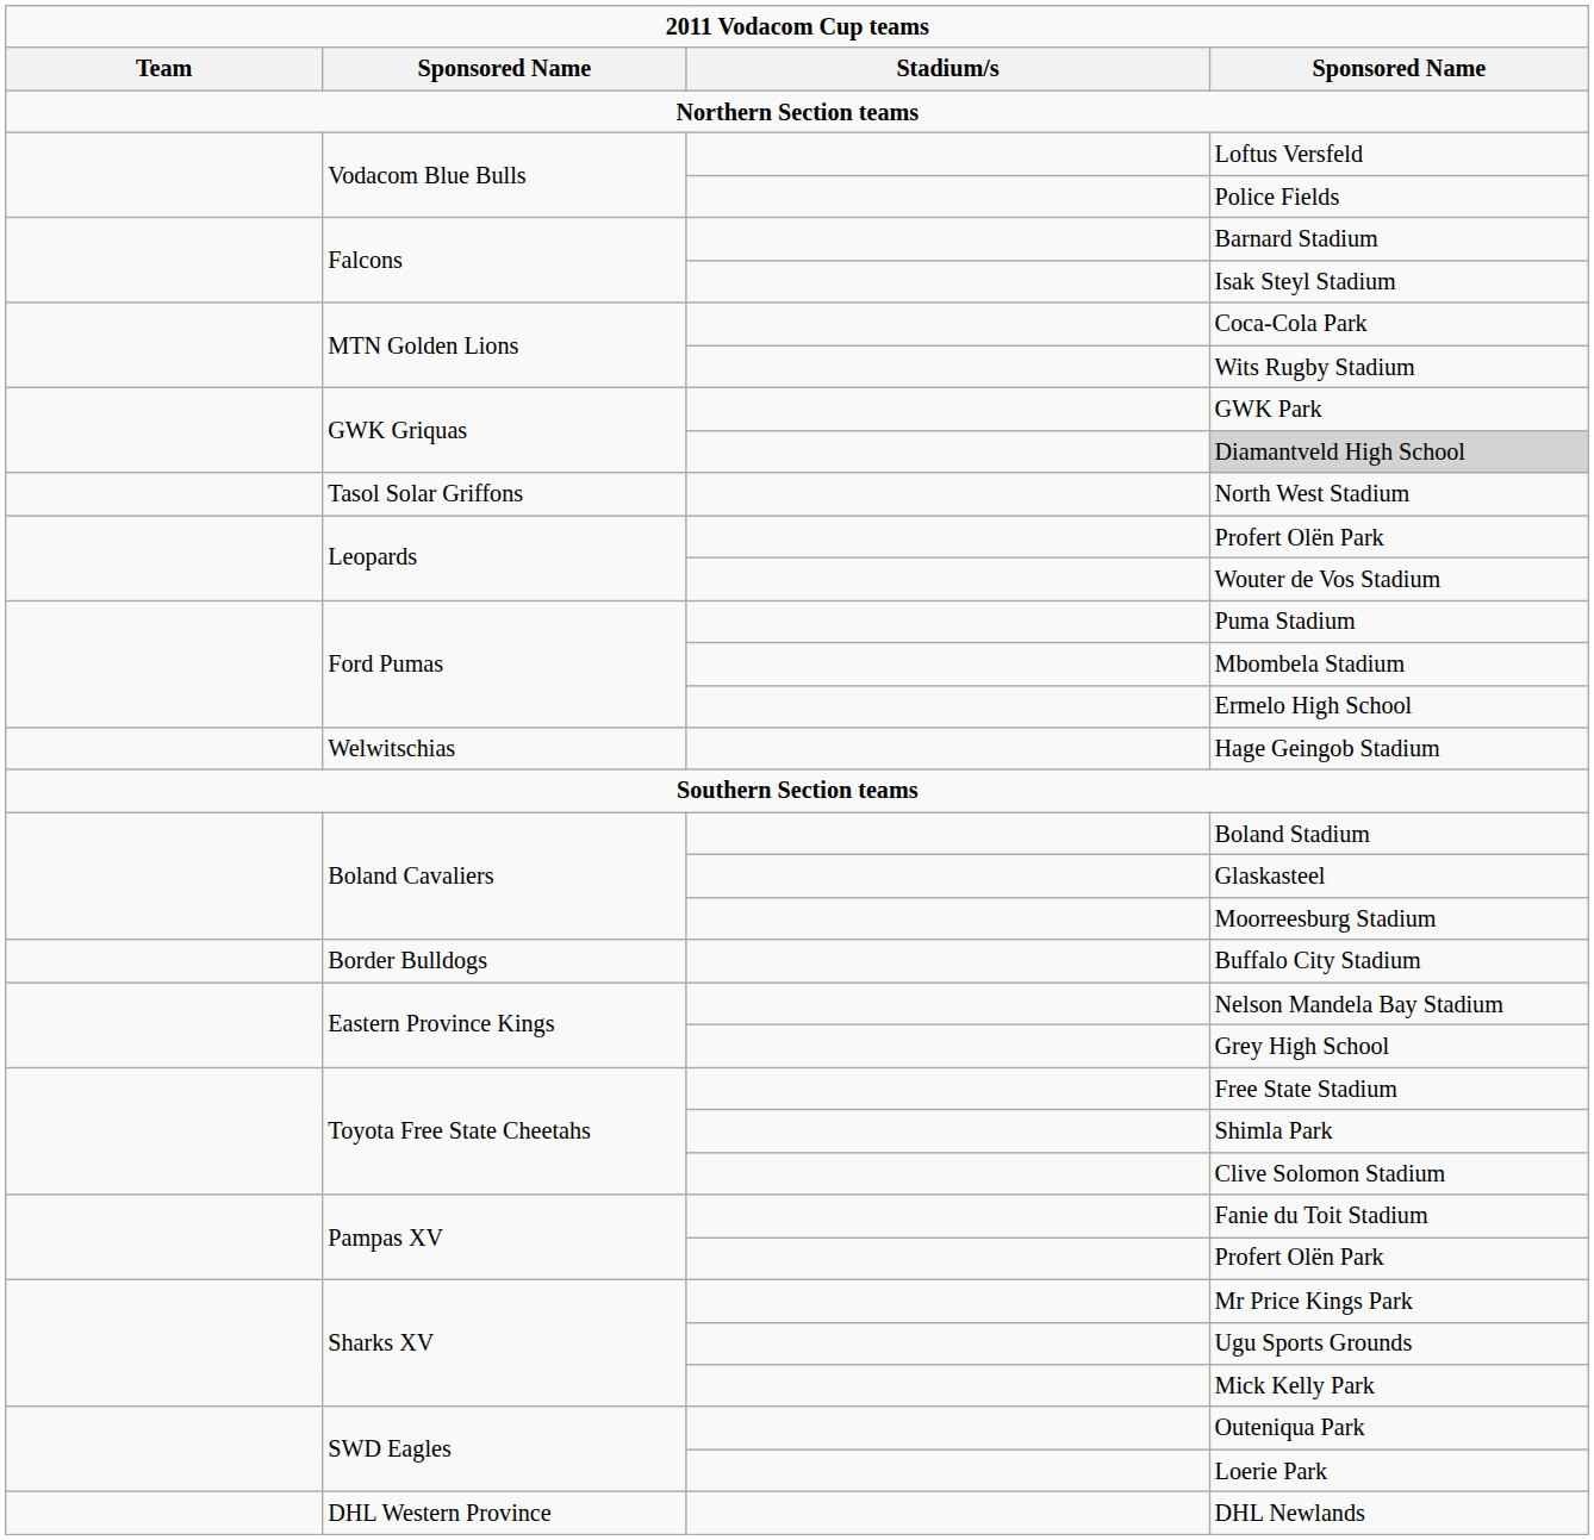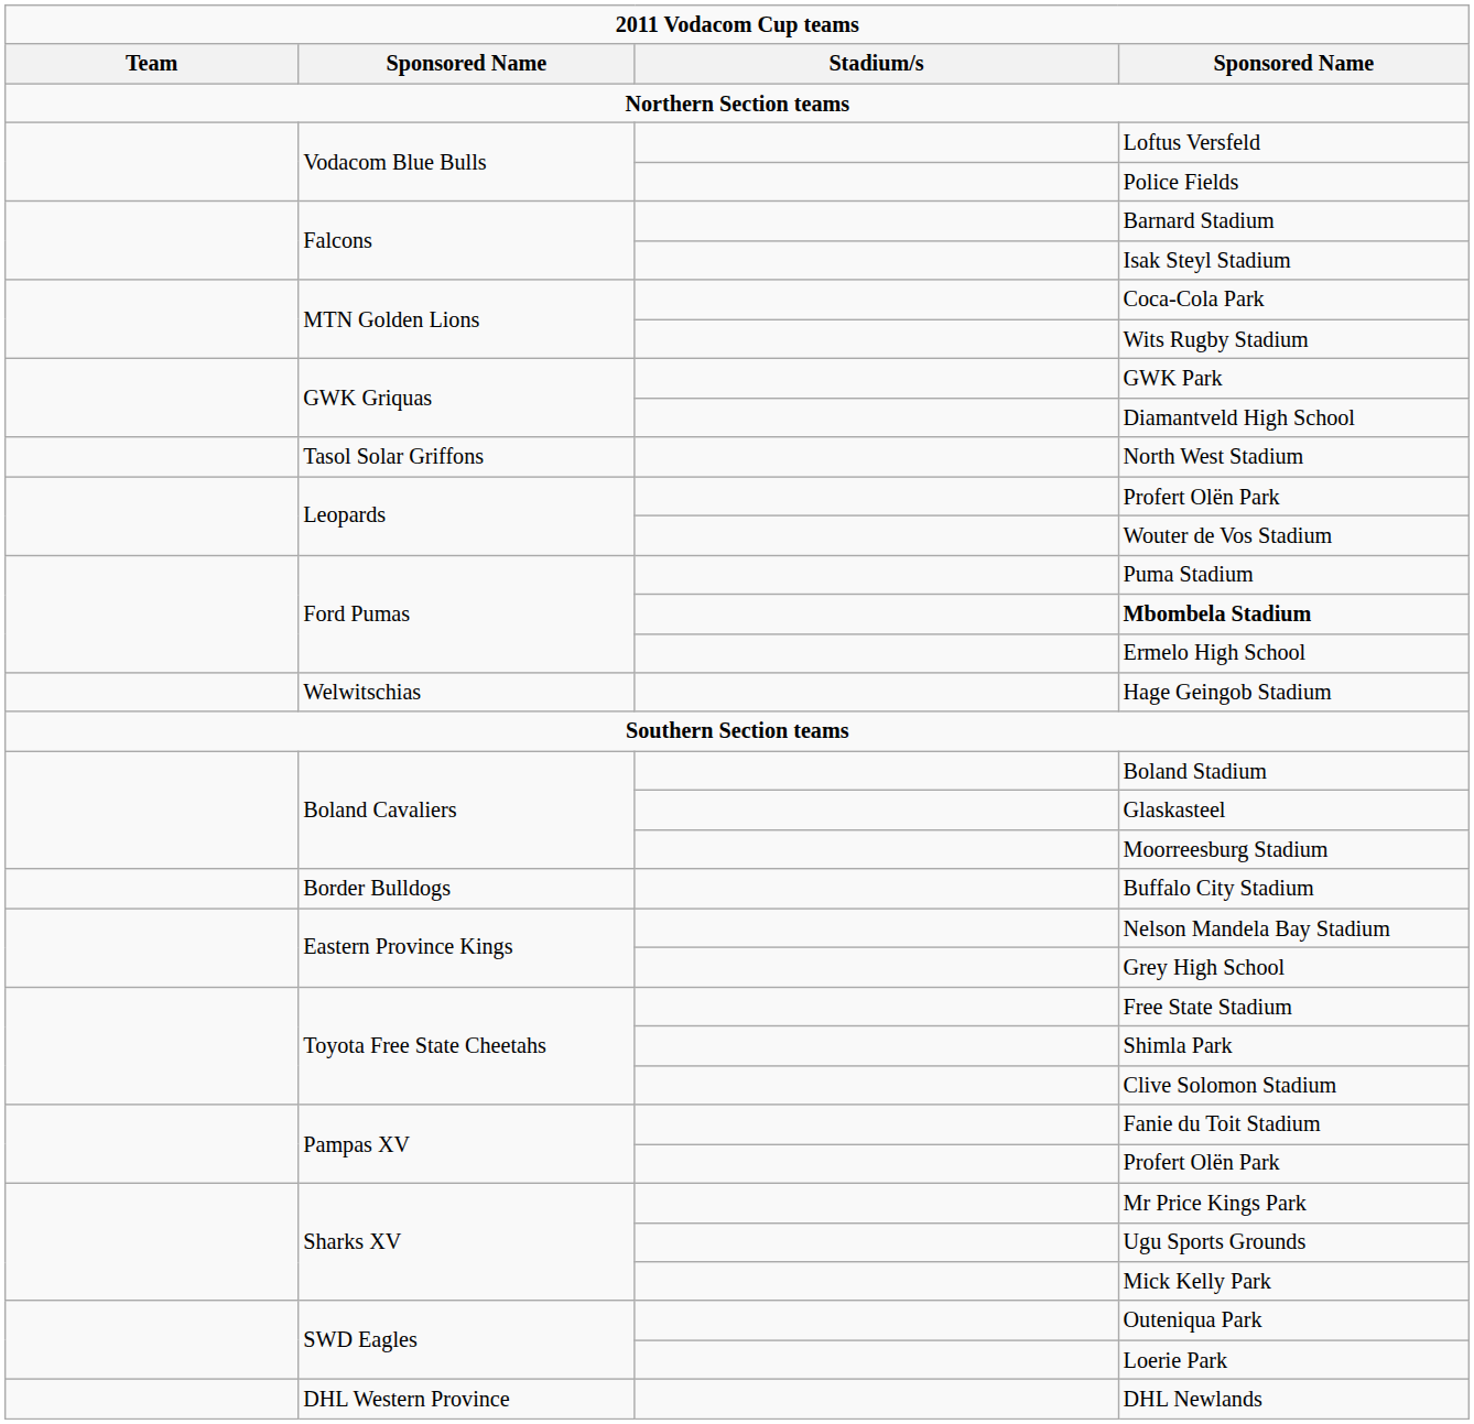 <table class="wikitable" style="text-align:left; line-height:130%; font-size:90%; width:60%;">
 <tr>
 <td colspan=100% align=center><strong>2011 Vodacom Cup teams</strong></td>
 </tr>
 <tr>
 <th width="20%">Team</th>
 <th width="23%">Sponsored Name</th>
 <th width="33%">Stadium/s</th>
 <th width="24%">Sponsored Name</th>
 </tr>
 <tr>
 <td colspan=100% align=center><strong>Northern Section teams</strong></td>
 </tr>
 <tr>
 <td rowspan=2></td>
 <td rowspan=2>Vodacom Blue Bulls</td>
 <td></td>
 <td>Loftus Versfeld</td>
 </tr>
 <tr>
 <td></td>
 <td>Police Fields</td>
 </tr>
 <tr>
 <td rowspan=2></td>
 <td rowspan=2>Falcons</td>
 <td></td>
 <td>Barnard Stadium</td>
 </tr>
 <tr>
 <td></td>
 <td>Isak Steyl Stadium</td>
 </tr>
 <tr>
 <td rowspan=2></td>
 <td rowspan=2>MTN Golden Lions</td>
 <td></td>
 <td>Coca-Cola Park</td>
 </tr>
 <tr>
 <td></td>
 <td>Wits Rugby Stadium</td>
 </tr>
 <tr>
 <td rowspan=2></td>
 <td rowspan=2>GWK Griquas</td>
 <td></td>
 <td>GWK Park</td>
 </tr>
 <tr>
 <td></td>
-<td style="background: lightgrey;">Diamantveld High School</td>
+<td>Diamantveld High School</td>
 </tr>
 <tr>
 <td></td>
 <td>Tasol Solar Griffons</td>
 <td></td>
 <td>North West Stadium</td>
 </tr>
 <tr>
 <td rowspan=2></td>
 <td rowspan=2>Leopards</td>
 <td></td>
 <td>Profert Olën Park</td>
 </tr>
 <tr>
 <td></td>
 <td>Wouter de Vos Stadium</td>
 </tr>
 <tr>
 <td rowspan=3></td>
 <td rowspan=3>Ford Pumas</td>
 <td></td>
 <td>Puma Stadium</td>
 </tr>
 <tr>
 <td></td>
-<td>Mbombela Stadium</td>
+<td><strong>Mbombela Stadium</strong></td>
 </tr>
 <tr>
 <td></td>
 <td>Ermelo High School</td>
 </tr>
 <tr>
 <td></td>
 <td>Welwitschias</td>
 <td></td>
 <td>Hage Geingob Stadium</td>
 </tr>
 <tr>
 <td colspan=100% align=center><strong>Southern Section teams</strong></td>
 </tr>
 <tr>
 <td rowspan=3></td>
 <td rowspan=3>Boland Cavaliers</td>
 <td></td>
 <td>Boland Stadium</td>
 </tr>
 <tr>
 <td></td>
 <td>Glaskasteel</td>
 </tr>
 <tr>
 <td></td>
 <td>Moorreesburg Stadium</td>
 </tr>
 <tr>
 <td></td>
 <td>Border Bulldogs</td>
 <td></td>
 <td>Buffalo City Stadium</td>
 </tr>
 <tr>
 <td rowspan=2></td>
 <td rowspan=2>Eastern Province Kings</td>
 <td></td>
 <td>Nelson Mandela Bay Stadium</td>
 </tr>
 <tr>
 <td></td>
 <td>Grey High School</td>
 </tr>
 <tr>
 <td rowspan=3></td>
 <td rowspan=3>Toyota Free State Cheetahs</td>
 <td></td>
 <td>Free State Stadium</td>
 </tr>
 <tr>
 <td></td>
 <td>Shimla Park</td>
 </tr>
 <tr>
 <td></td>
 <td>Clive Solomon Stadium</td>
 </tr>
 <tr>
 <td rowspan=2></td>
 <td rowspan=2>Pampas XV</td>
 <td></td>
 <td>Fanie du Toit Stadium</td>
 </tr>
 <tr>
 <td></td>
 <td>Profert Olën Park</td>
 </tr>
 <tr>
 <td rowspan=3></td>
 <td rowspan=3>Sharks XV</td>
 <td></td>
 <td>Mr Price Kings Park</td>
 </tr>
 <tr>
 <td></td>
 <td>Ugu Sports Grounds</td>
 </tr>
 <tr>
 <td></td>
 <td>Mick Kelly Park</td>
 </tr>
 <tr>
 <td rowspan=2></td>
 <td rowspan=2>SWD Eagles</td>
 <td></td>
 <td>Outeniqua Park</td>
 </tr>
 <tr>
 <td></td>
 <td>Loerie Park</td>
 </tr>
 <tr>
 <td></td>
 <td>DHL Western Province</td>
 <td></td>
 <td>DHL Newlands</td>
 </tr>
 </table>
